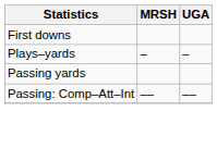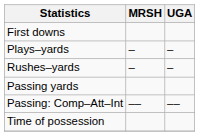 <table class="wikitable" style="float: left;">
 <tr>
 <th>Statistics</th>
 <th>MRSH</th>
 <th>UGA</th>
 </tr>
 <tr>
 <td>First downs</td>
 <td></td>
 <td></td>
 </tr>
 <tr>
 <td>Plays–yards</td>
 <td>–</td>
 <td>–</td>
 </tr>
 <tr>
+<td>Rushes–yards</td>
+<td>–</td>
+<td>–</td>
+</tr>
+<tr>
 <td>Passing yards</td>
 <td></td>
 <td></td>
 </tr>
 <tr>
 <td>Passing: Comp–Att–Int</td>
 <td>––</td>
 <td>––</td>
 </tr>
 <tr>
+<td>Time of possession</td>
+<td></td>
+<td></td>
+</tr>
+<tr>
 </tr>
 </table>
